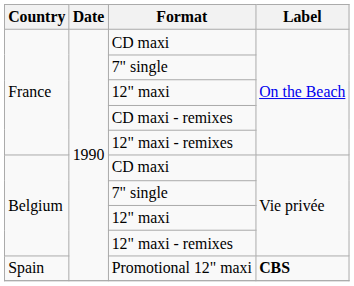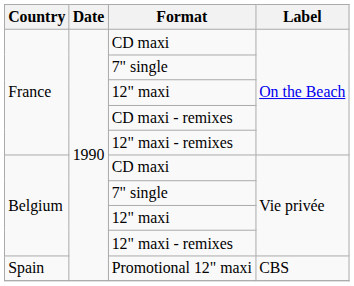 <table class=wikitable>
 <tr>
 <th>Country</th>
 <th>Date</th>
 <th>Format</th>
 <th>Label</th>
 </tr>
 <tr>
 <td rowspan="5">France</td>
 <td rowspan="10">1990</td>
 <td>CD maxi</td>
 <td rowspan="5"><a href='#'>On the Beach</a></td>
 </tr>
 <tr>
 <td>7" single</td>
 </tr>
 <tr>
 <td>12" maxi</td>
 </tr>
 <tr>
 <td>CD maxi - remixes</td>
 </tr>
 <tr>
 <td>12" maxi - remixes</td>
 </tr>
 <tr>
 <td rowspan="4">Belgium</td>
 <td>CD maxi</td>
 <td rowspan="4">Vie privée</td>
 </tr>
 <tr>
 <td>7" single</td>
 </tr>
 <tr>
 <td>12" maxi</td>
 </tr>
 <tr>
 <td>12" maxi - remixes</td>
 </tr>
 <tr>
 <td>Spain</td>
 <td>Promotional 12" maxi</td>
-<td><strong>CBS</strong></td>
+<td>CBS</td>
 </tr>
 <tr>
 </tr>
 </table>
